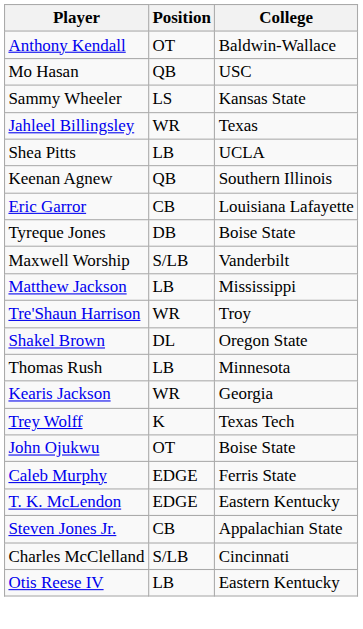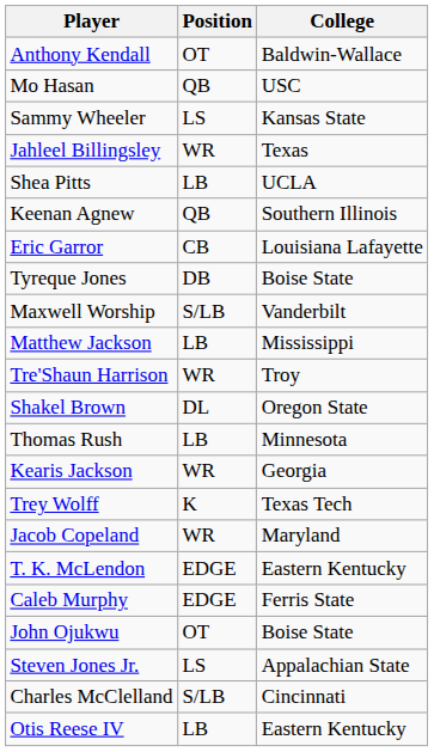 <table class="wikitable sortable">
 <tr>
 <th>Player</th>
 <th>Position</th>
 <th>College</th>
 </tr>
 <tr>
 <td><a href='#'>Anthony Kendall</a></td>
 <td>OT</td>
 <td>Baldwin-Wallace</td>
 </tr>
 <tr>
 <td>Mo Hasan</td>
 <td>QB</td>
 <td>USC</td>
 </tr>
 <tr>
 <td>Sammy Wheeler</td>
 <td>LS</td>
 <td>Kansas State</td>
 </tr>
 <tr>
 <td><a href='#'>Jahleel Billingsley</a></td>
 <td>WR</td>
 <td>Texas</td>
 </tr>
 <tr>
 <td>Shea Pitts</td>
 <td>LB</td>
 <td>UCLA</td>
 </tr>
 <tr>
 <td>Keenan Agnew</td>
 <td>QB</td>
 <td>Southern Illinois</td>
 </tr>
 <tr>
 <td><a href='#'>Eric Garror</a></td>
 <td>CB</td>
 <td>Louisiana Lafayette</td>
 </tr>
 <tr>
 <td>Tyreque Jones</td>
 <td>DB</td>
 <td>Boise State</td>
 </tr>
 <tr>
 <td>Maxwell Worship</td>
 <td>S/LB</td>
 <td>Vanderbilt</td>
 </tr>
 <tr>
 <td><a href='#'>Matthew Jackson</a></td>
 <td>LB</td>
 <td>Mississippi</td>
 </tr>
 <tr>
 <td><a href='#'>Tre'Shaun Harrison</a></td>
 <td>WR</td>
 <td>Troy</td>
 </tr>
 <tr>
 <td><a href='#'>Shakel Brown</a></td>
 <td>DL</td>
 <td>Oregon State</td>
 </tr>
 <tr>
 <td>Thomas Rush</td>
 <td>LB</td>
 <td>Minnesota</td>
 </tr>
 <tr>
 <td><a href='#'>Kearis Jackson</a></td>
 <td>WR</td>
 <td>Georgia</td>
 </tr>
 <tr>
 <td><a href='#'>Trey Wolff</a></td>
 <td>K</td>
 <td>Texas Tech</td>
 </tr>
 <tr>
-<td><a href='#'>John Ojukwu</a></td>
-<td>OT</td>
-<td>Boise State</td>
+<td><a href='#'>Jacob Copeland</a></td>
+<td>WR</td>
+<td>Maryland</td>
+</tr>
+<tr>
+<td><a href='#'>T. K. McLendon</a></td>
+<td>EDGE</td>
+<td>Eastern Kentucky</td>
 </tr>
 <tr>
 <td><a href='#'>Caleb Murphy</a></td>
 <td>EDGE</td>
 <td>Ferris State</td>
 </tr>
 <tr>
-<td><a href='#'>T. K. McLendon</a></td>
-<td>EDGE</td>
-<td>Eastern Kentucky</td>
+<td><a href='#'>John Ojukwu</a></td>
+<td>OT</td>
+<td>Boise State</td>
 </tr>
 <tr>
 <td><a href='#'>Steven Jones Jr.</a></td>
-<td>CB</td>
+<td>LS</td>
 <td>Appalachian State</td>
 </tr>
 <tr>
 <td>Charles McClelland</td>
 <td>S/LB</td>
 <td>Cincinnati</td>
 </tr>
 <tr>
 <td><a href='#'>Otis Reese IV</a></td>
 <td>LB</td>
 <td>Eastern Kentucky</td>
 </tr>
 </table>
